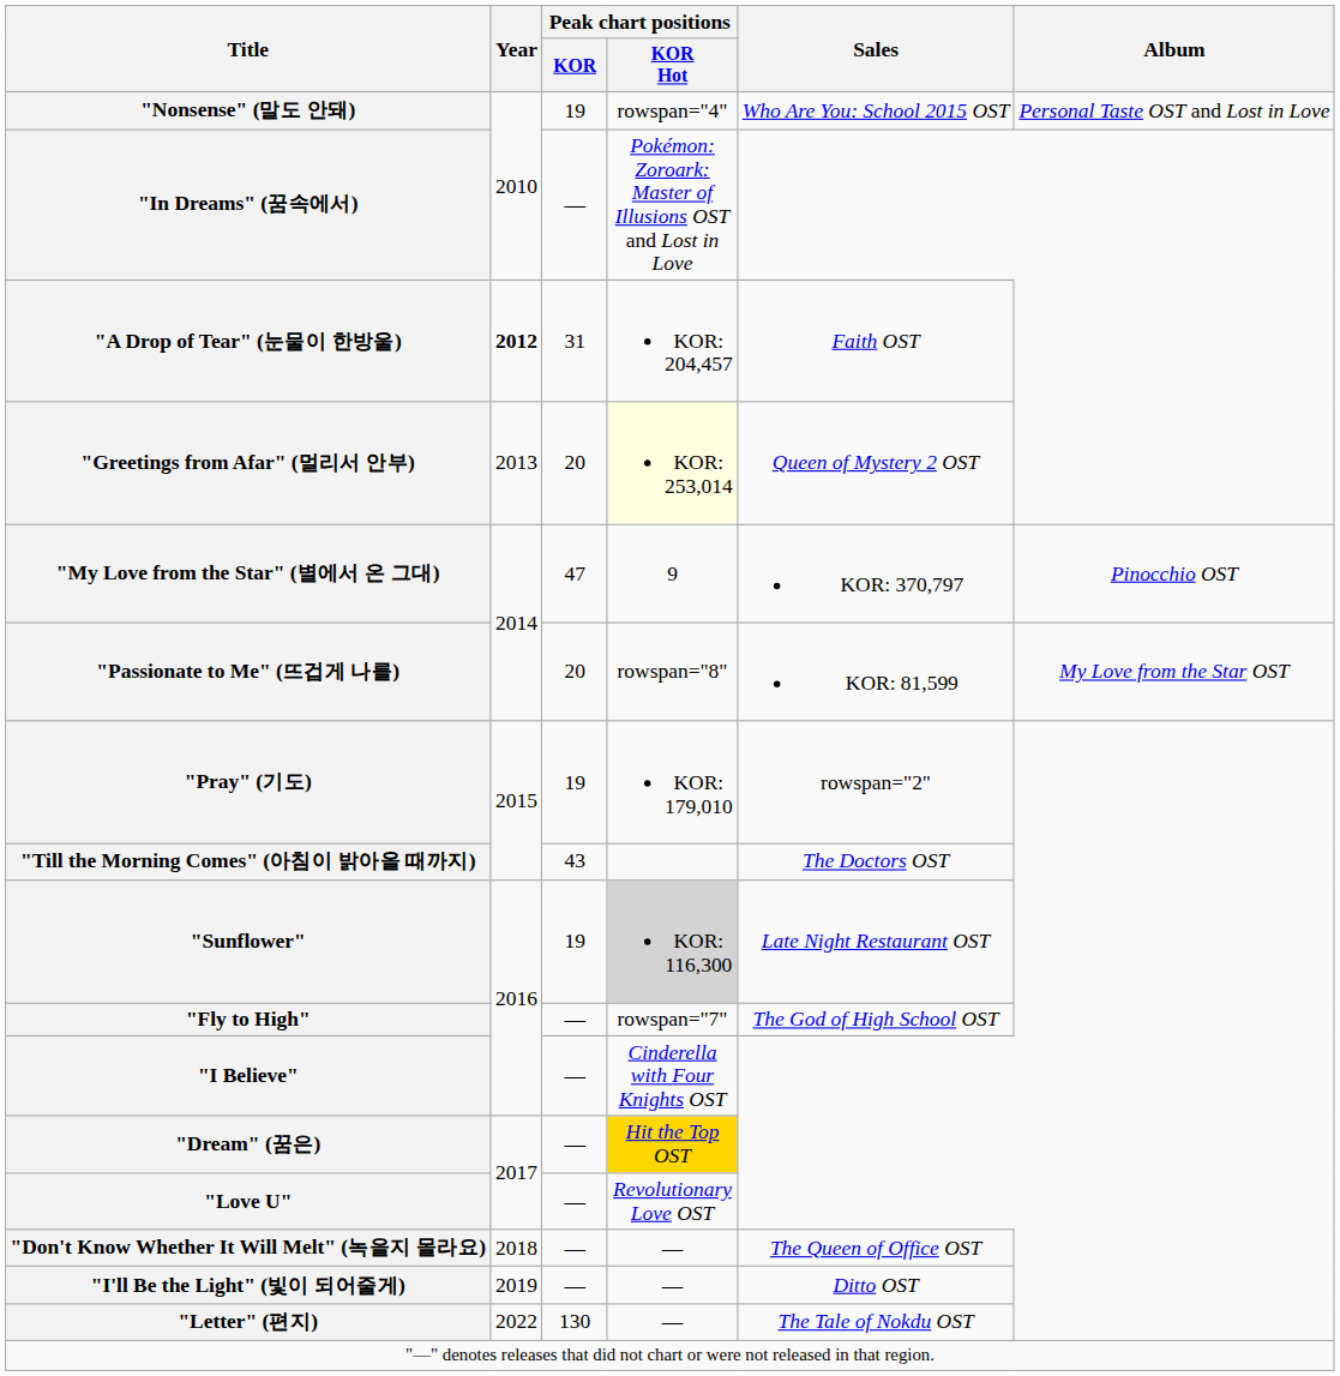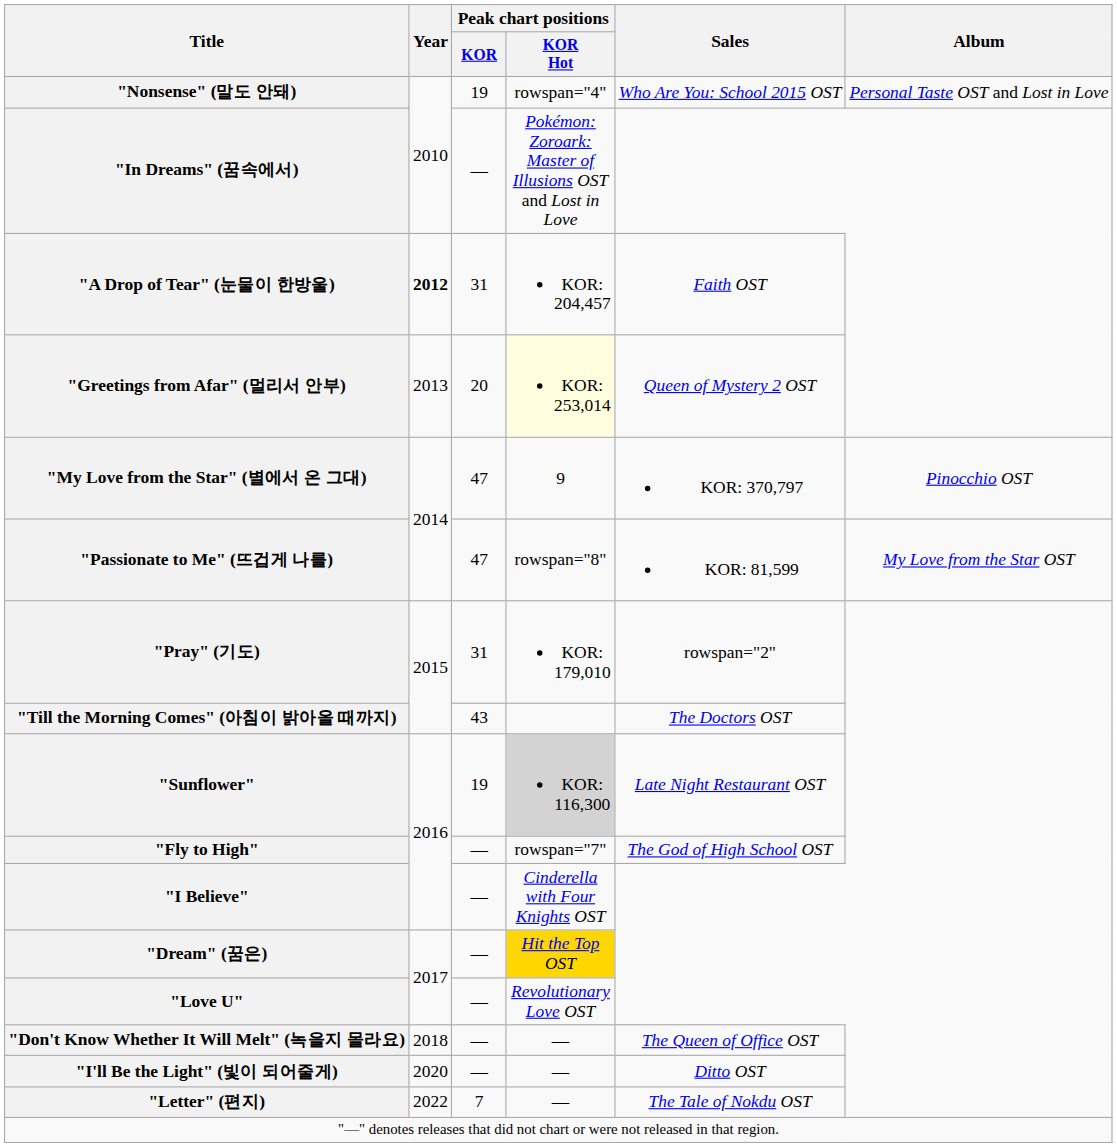 <table class="wikitable plainrowheaders" style="text-align:center;">
 <tr>
 <th scope="col" rowspan="2">Title</th>
 <th scope="col" rowspan="2">Year</th>
 <th scope="col" colspan="2">Peak chart positions</th>
 <th scope="col" rowspan="2">Sales</th>
 <th scope="col" rowspan="2">Album</th>
 </tr>
 <tr>
 <th scope="col" style="width:3em;font-size:90%;"><a href='#'>KOR</a><br></th>
 <th scope="col" style="width:3em;font-size:90%;"><a href='#'>KOR<br>Hot</a><br></th>
 </tr>
 <tr>
 <th scope="row">"Nonsense" (말도 안돼)</th>
 <td rowspan="2">2010</td>
 <td>19</td>
 <td>rowspan="4" </td>
 <td><em><a href='#'>Who Are You: School 2015</a> OST</em></td>
 <td><em><a href='#'>Personal Taste</a> OST</em> and <em>Lost in Love</em></td>
 </tr>
 <tr>
 <th scope="row">"In Dreams" (꿈속에서)</th>
 <td>—</td>
 <td><em><a href='#'>Pokémon: Zoroark: Master of Illusions</a> OST</em> and <em>Lost in Love</em></td>
 </tr>
 <tr>
 <th scope="row">"A Drop of Tear" (눈물이 한방울)</th>
 <td><strong>2012</strong></td>
 <td>31</td>
 <td><br><ul><li>KOR: 204,457</li></ul></td>
 <td><em><a href='#'>Faith</a> OST</em></td>
 </tr>
 <tr>
 <th scope="row">"Greetings from Afar" (멀리서 안부)</th>
 <td>2013</td>
 <td>20</td>
 <td style="background: lightyellow;"><br><ul><li>KOR: 253,014</li></ul></td>
 <td><em><a href='#'>Queen of Mystery 2</a> OST</em></td>
 </tr>
 <tr>
 <th scope="row">"My Love from the Star" (별에서 온 그대)</th>
 <td rowspan="2">2014</td>
 <td>47</td>
 <td>9</td>
 <td><br><ul><li>KOR: 370,797</li></ul></td>
 <td><em><a href='#'>Pinocchio</a> OST</em></td>
 </tr>
 <tr>
 <th scope="row">"Passionate to Me" (뜨겁게 나를)</th>
-<td>20</td>
+<td>47</td>
 <td>rowspan="8" </td>
 <td><br><ul><li>KOR: 81,599</li></ul></td>
 <td><em><a href='#'>My Love from the Star</a> OST</em></td>
 </tr>
 <tr>
 <th scope="row">"Pray" (기도)</th>
 <td rowspan="2">2015</td>
-<td>19</td>
+<td>31</td>
 <td><br><ul><li>KOR: 179,010</li></ul></td>
 <td>rowspan="2" </td>
 </tr>
 <tr>
 <th scope="row">"Till the Morning Comes" (아침이 밝아올 때까지)<br></th>
 <td>43</td>
 <td></td>
 <td><em><a href='#'>The Doctors</a> OST</em></td>
 </tr>
 <tr>
 <th scope="row">"Sunflower"</th>
 <td rowspan="3">2016</td>
 <td>19</td>
 <td style="background: lightgrey;"><br><ul><li>KOR: 116,300</li></ul></td>
 <td><em><a href='#'>Late Night Restaurant</a> OST</em></td>
 </tr>
 <tr>
 <th scope="row">"Fly to High"</th>
 <td>—</td>
 <td>rowspan="7" </td>
 <td><em><a href='#'>The God of High School</a> OST</em></td>
 </tr>
 <tr>
 <th scope="row">"I Believe"</th>
 <td>—</td>
 <td><em><a href='#'>Cinderella with Four Knights</a> OST</em></td>
 </tr>
 <tr>
 <th scope="row">"Dream" (꿈은) </th>
 <td rowspan="2">2017</td>
 <td>—</td>
 <td style="background: gold;"><em><a href='#'>Hit the Top</a> OST</em></td>
 </tr>
 <tr>
 <th scope="row">"Love U"</th>
 <td>—</td>
 <td><em><a href='#'>Revolutionary Love</a> OST</em></td>
 </tr>
 <tr>
 <th scope="row">"Don't Know Whether It Will Melt" (녹을지 몰라요)</th>
 <td>2018</td>
 <td>—</td>
 <td>—</td>
 <td><em><a href='#'>The Queen of Office</a> OST</em></td>
 </tr>
 <tr>
 <th scope="row">"I'll Be the Light" (빛이 되어줄게)</th>
-<td>2019</td>
+<td>2020</td>
 <td>—</td>
 <td>—</td>
 <td><em><a href='#'>Ditto</a> OST</em></td>
 </tr>
 <tr>
 <th scope="row">"Letter" (편지)</th>
 <td>2022</td>
-<td>130</td>
+<td>7</td>
 <td>—</td>
 <td><em><a href='#'>The Tale of Nokdu</a> OST</em></td>
 </tr>
 <tr>
 <td colspan="6" style="text-align:center; font-size:85%;">"—" denotes releases that did not chart or were not released in that region.</td>
 </tr>
 </table>
